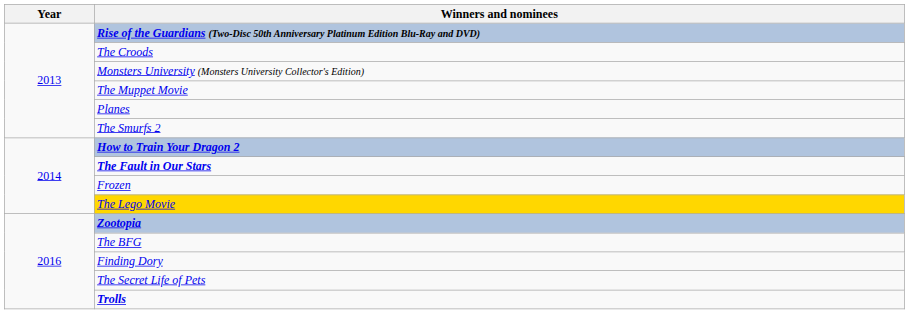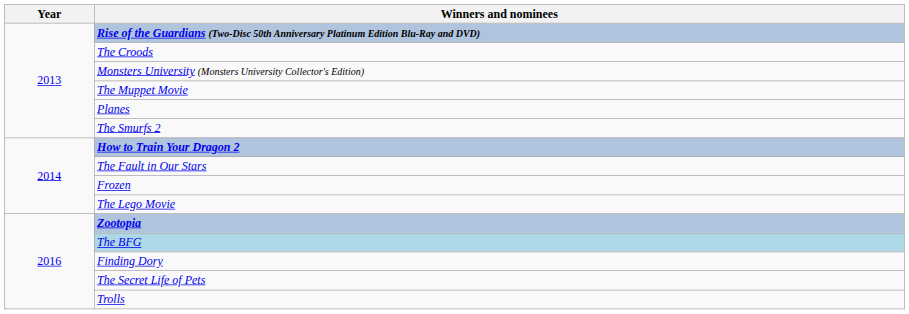 <table class="wikitable" width="95%" cellpadding="5">
 <tr>
 <th width="10%">Year</th>
 <th width="90%">Winners and nominees</th>
 </tr>
 <tr>
 <td rowspan="6" style="text-align:center;"><a href='#'>2013</a></td>
 <td style="background:#B0C4DE;"><strong><em><a href='#'>Rise of the Guardians</a> <small>(Two-Disc 50th Anniversary Platinum Edition Blu-Ray and DVD)</small></em></strong></td>
 </tr>
 <tr>
 <td><em><a href='#'>The Croods</a></em></td>
 </tr>
 <tr>
 <td><em><a href='#'>Monsters University</a> <small>(Monsters University Collector's Edition)</small></em></td>
 </tr>
 <tr>
 <td><em><a href='#'>The Muppet Movie</a></em></td>
 </tr>
 <tr>
 <td><em><a href='#'>Planes</a></em></td>
 </tr>
 <tr>
 <td><em><a href='#'>The Smurfs 2</a></em></td>
 </tr>
 <tr>
 <td rowspan="4" style="text-align:center;"><a href='#'>2014</a></td>
 <td style="background:#B0C4DE;"><strong><em><a href='#'>How to Train Your Dragon 2</a></em></strong></td>
 </tr>
 <tr>
-<td><strong><em><a href='#'>The Fault in Our Stars</a></em></strong></td>
+<td><em><a href='#'>The Fault in Our Stars</a></em></td>
 </tr>
 <tr>
 <td><em><a href='#'>Frozen</a></em></td>
 </tr>
 <tr>
-<td style="background: gold;"><em><a href='#'>The Lego Movie</a></em></td>
+<td><em><a href='#'>The Lego Movie</a></em></td>
 </tr>
 <tr>
 <td rowspan="5" style="text-align:center;"><a href='#'>2016</a></td>
 <td style="background:#B0C4DE;"><strong><em><a href='#'>Zootopia</a></em></strong></td>
 </tr>
 <tr>
-<td><em><a href='#'>The BFG</a></em></td>
+<td style="background: lightblue;"><em><a href='#'>The BFG</a></em></td>
 </tr>
 <tr>
 <td><em><a href='#'>Finding Dory</a></em></td>
 </tr>
 <tr>
 <td><em><a href='#'>The Secret Life of Pets</a></em></td>
 </tr>
 <tr>
-<td><strong><em><a href='#'>Trolls</a></em></strong></td>
+<td><em><a href='#'>Trolls</a></em></td>
 </tr>
 </table>
